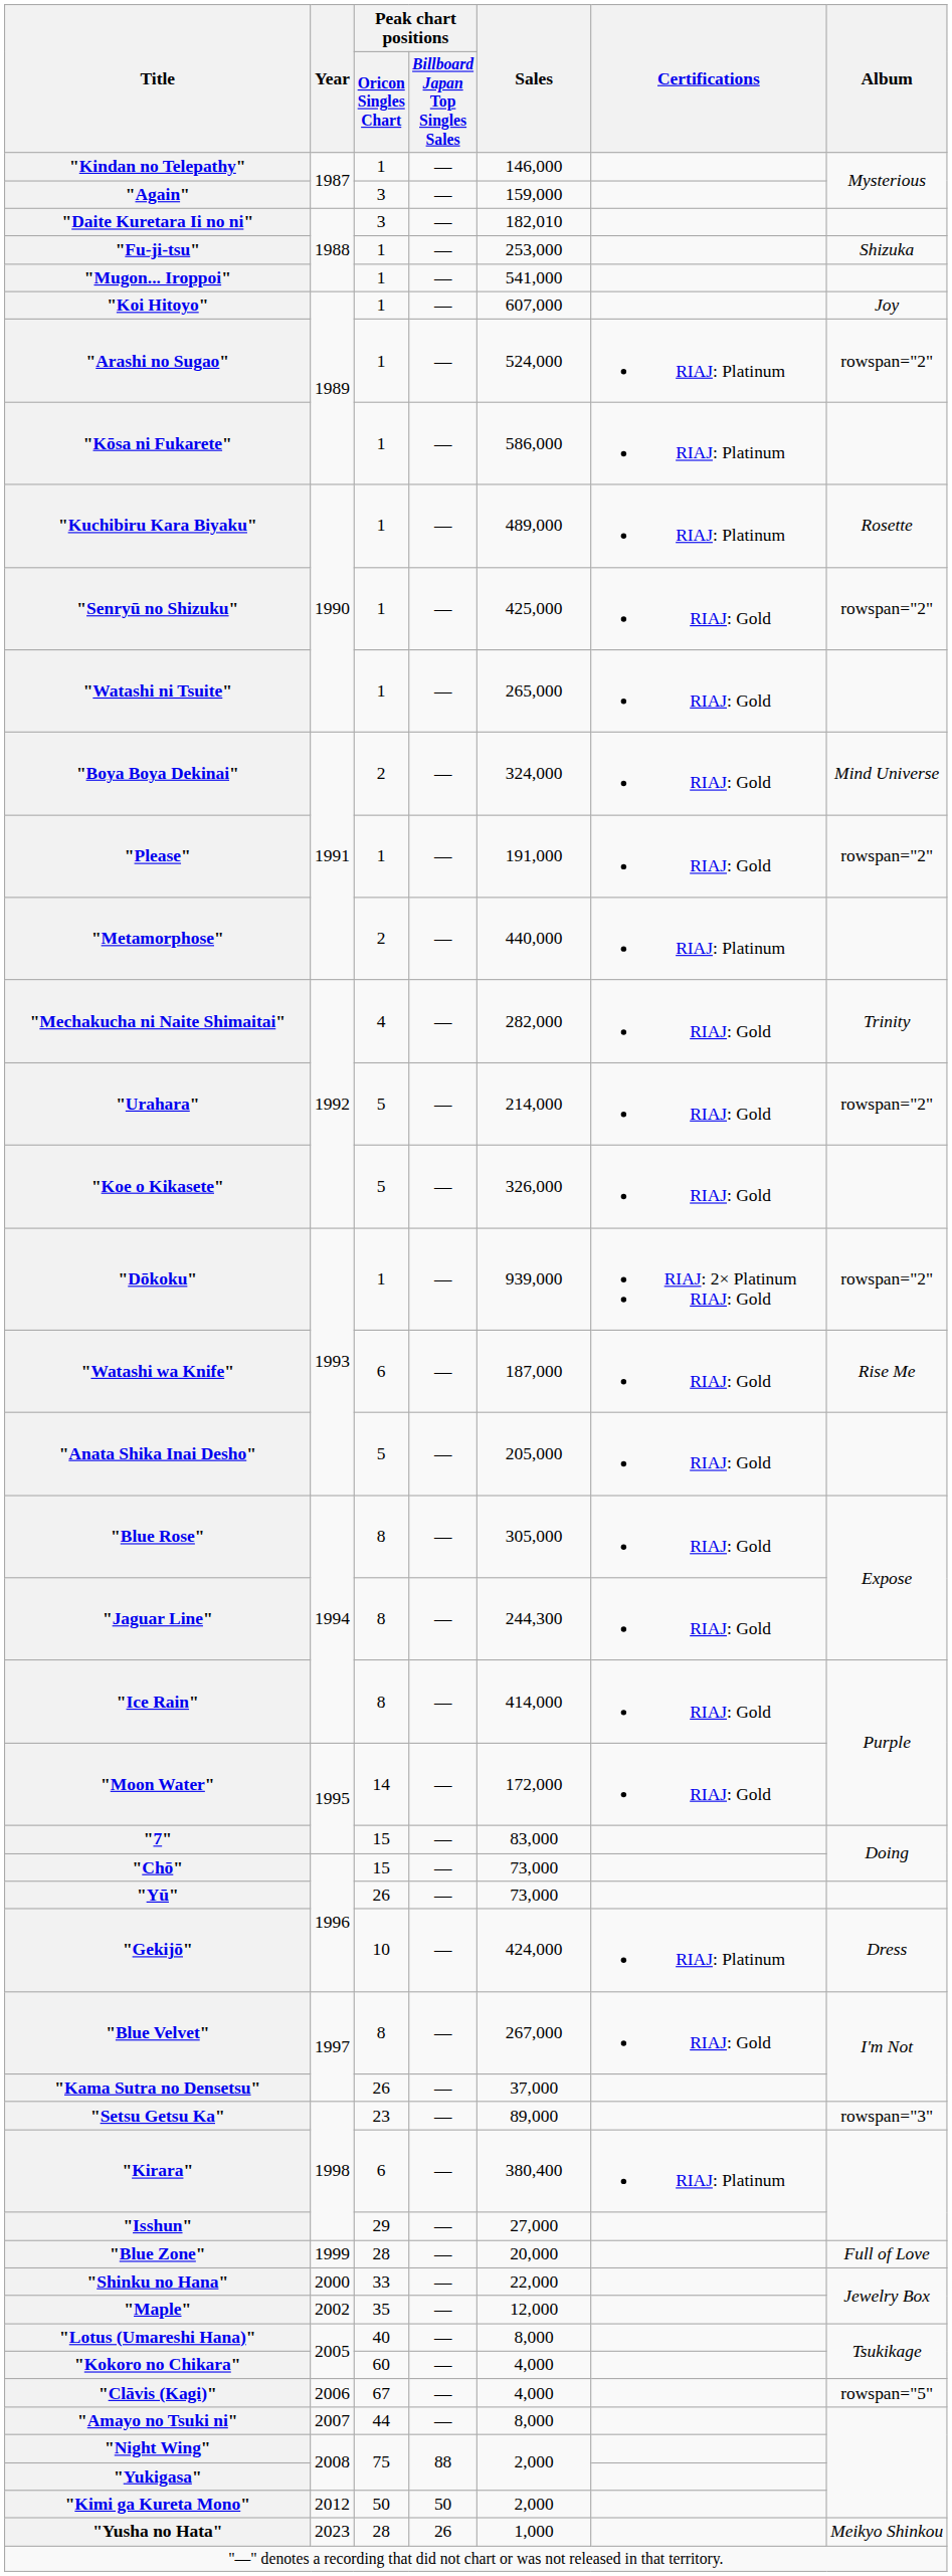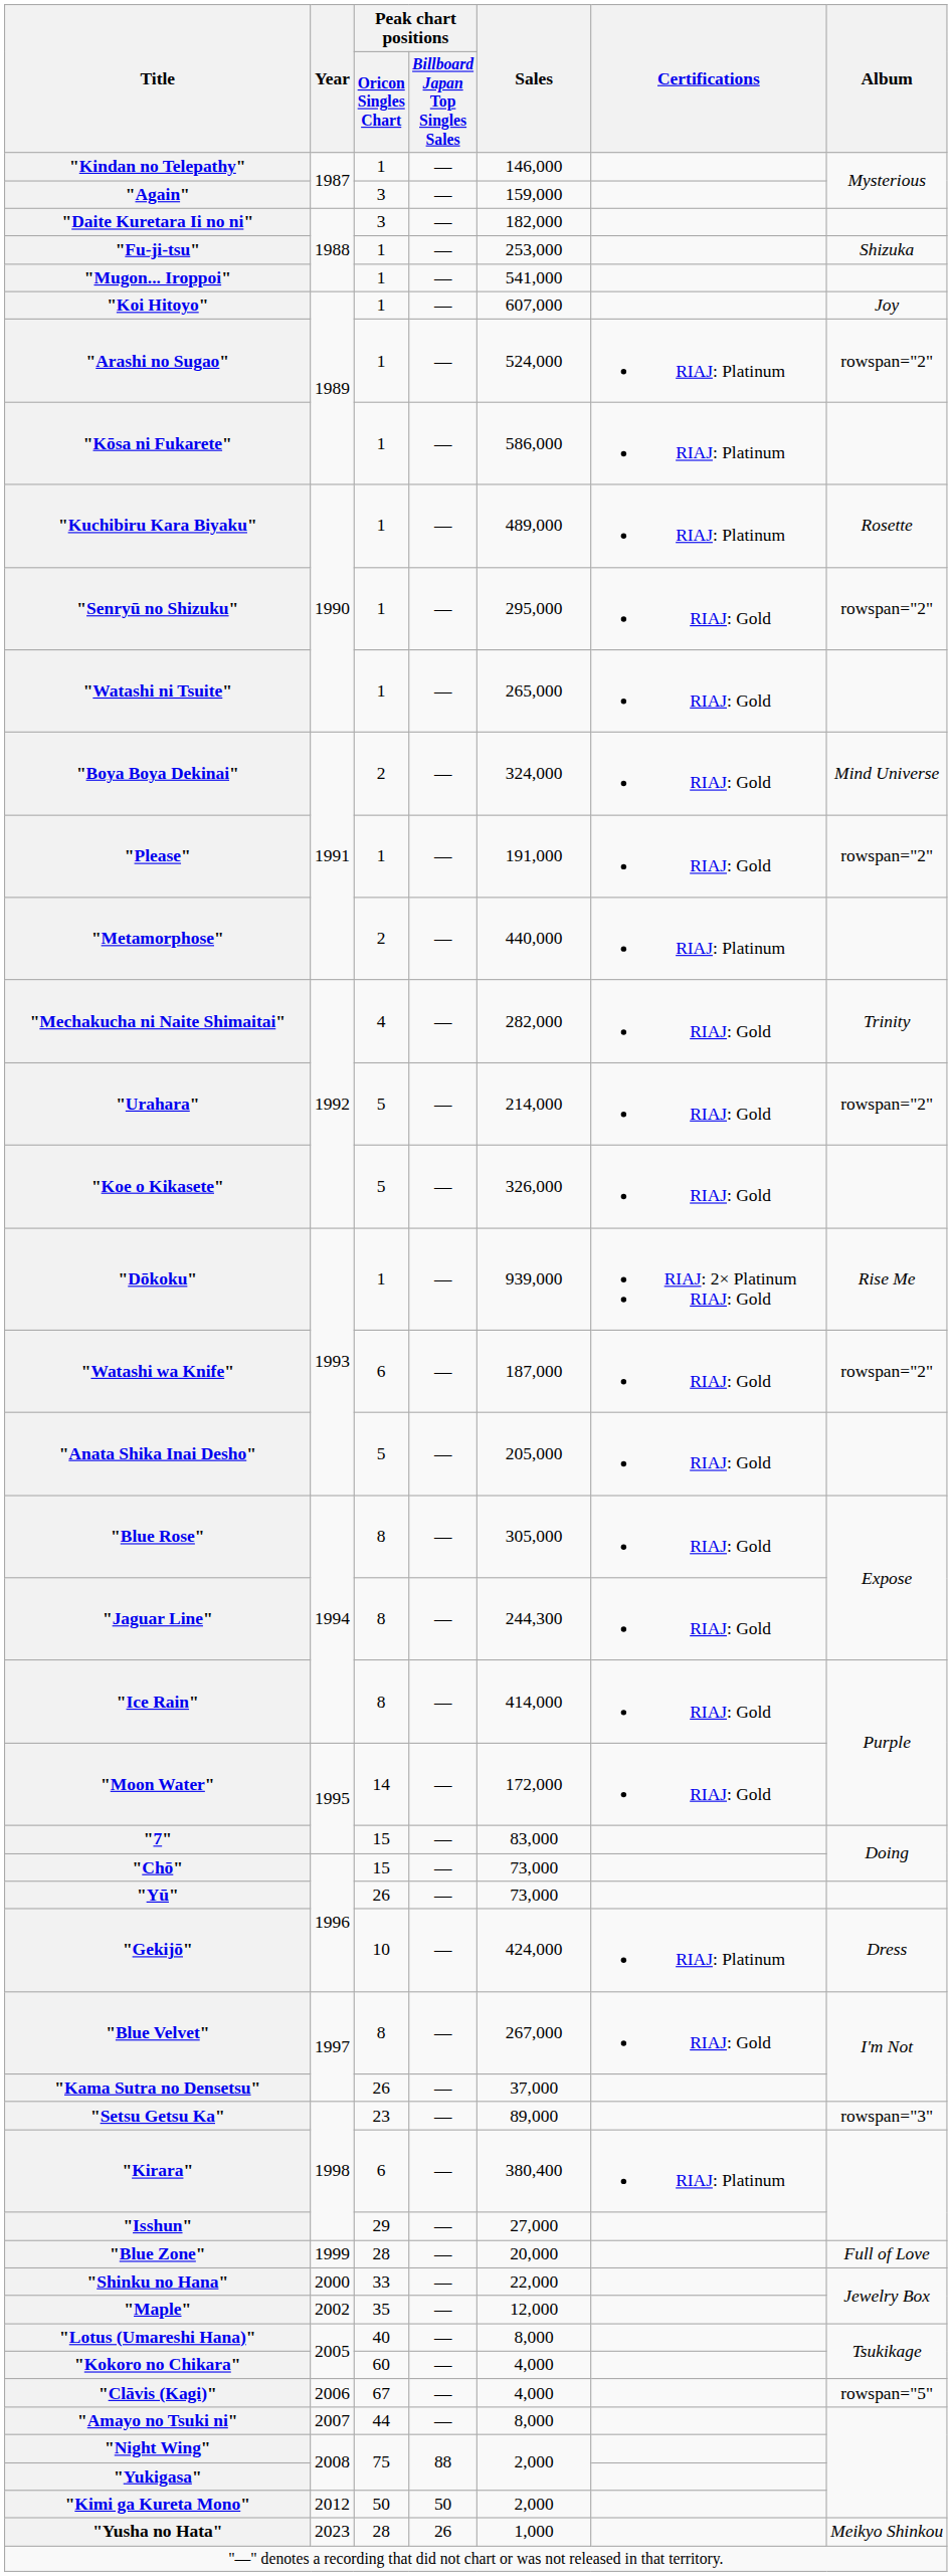 <table class="wikitable plainrowheaders" style="text-align:center;">
 <tr>
 <th scope="col" rowspan="2" style="width:17em;">Title</th>
 <th scope="col" rowspan="2" style="width:1em;">Year</th>
 <th scope="col" colspan="2">Peak chart positions</th>
 <th scope="col" rowspan="2" style="width:6em;">Sales</th>
 <th scope="col" rowspan="2" style="width:13em;"><a href='#'>Certifications</a></th>
 <th scope="col" rowspan="2">Album</th>
 </tr>
 <tr>
 <th scope="col" style="width:2.5em;font-size:90%;"><a href='#'>Oricon Singles Chart</a><br></th>
 <th scope="col" style="width:2.5em;font-size:90%;"><a href='#'><em>Billboard Japan</em> Top Singles Sales</a><br></th>
 </tr>
 <tr>
 <th scope="row">"<a href='#'>Kindan no Telepathy</a>"</th>
 <td rowspan="2">1987</td>
 <td>1</td>
 <td>—</td>
 <td>146,000</td>
 <td></td>
 <td rowspan="2"><em>Mysterious</em></td>
 </tr>
 <tr>
 <th scope="row">"<a href='#'>Again</a>"</th>
 <td>3</td>
 <td>—</td>
 <td>159,000</td>
 <td></td>
 </tr>
 <tr>
 <th scope="row">"<a href='#'>Daite Kuretara Ii no ni</a>"</th>
 <td rowspan="3">1988</td>
 <td>3</td>
 <td>—</td>
-<td>182,010</td>
+<td>182,000</td>
 <td></td>
 <td></td>
 </tr>
 <tr>
 <th scope="row">"<a href='#'>Fu-ji-tsu</a>"</th>
 <td>1</td>
 <td>—</td>
 <td>253,000</td>
 <td></td>
 <td><em>Shizuka</em></td>
 </tr>
 <tr>
 <th scope="row">"<a href='#'>Mugon... Iroppoi</a>"</th>
 <td>1</td>
 <td>—</td>
 <td>541,000</td>
 <td></td>
 <td></td>
 </tr>
 <tr>
 <th scope="row">"<a href='#'>Koi Hitoyo</a>"</th>
 <td rowspan="3">1989</td>
 <td>1</td>
 <td>—</td>
 <td>607,000</td>
 <td></td>
 <td><em>Joy</em></td>
 </tr>
 <tr>
 <th scope="row">"<a href='#'>Arashi no Sugao</a>"</th>
 <td>1</td>
 <td>—</td>
 <td>524,000</td>
 <td><br><ul><li><a href='#'>RIAJ</a>: Platinum</li></ul></td>
 <td>rowspan="2" </td>
 </tr>
 <tr>
 <th scope="row">"<a href='#'>Kōsa ni Fukarete</a>"</th>
 <td>1</td>
 <td>—</td>
 <td>586,000</td>
 <td><br><ul><li><a href='#'>RIAJ</a>: Platinum</li></ul></td>
 </tr>
 <tr>
 <th scope="row">"<a href='#'>Kuchibiru Kara Biyaku</a>"</th>
 <td rowspan="3">1990</td>
 <td>1</td>
 <td>—</td>
 <td>489,000</td>
 <td><br><ul><li><a href='#'>RIAJ</a>: Platinum</li></ul></td>
 <td><em>Rosette</em></td>
 </tr>
 <tr>
 <th scope="row">"<a href='#'>Senryū no Shizuku</a>"</th>
 <td>1</td>
 <td>—</td>
-<td>425,000</td>
+<td>295,000</td>
 <td><br><ul><li><a href='#'>RIAJ</a>: Gold</li></ul></td>
 <td>rowspan="2" </td>
 </tr>
 <tr>
 <th scope="row">"<a href='#'>Watashi ni Tsuite</a>"</th>
 <td>1</td>
 <td>—</td>
 <td>265,000</td>
 <td><br><ul><li><a href='#'>RIAJ</a>: Gold</li></ul></td>
 </tr>
 <tr>
 <th scope="row">"<a href='#'>Boya Boya Dekinai</a>"</th>
 <td rowspan="3">1991</td>
 <td>2</td>
 <td>—</td>
 <td>324,000</td>
 <td><br><ul><li><a href='#'>RIAJ</a>: Gold</li></ul></td>
 <td><em>Mind Universe</em></td>
 </tr>
 <tr>
 <th scope="row">"<a href='#'>Please</a>"</th>
 <td>1</td>
 <td>—</td>
 <td>191,000</td>
 <td><br><ul><li><a href='#'>RIAJ</a>: Gold</li></ul></td>
 <td>rowspan="2" </td>
 </tr>
 <tr>
 <th scope="row">"<a href='#'>Metamorphose</a>"</th>
 <td>2</td>
 <td>—</td>
 <td>440,000</td>
 <td><br><ul><li><a href='#'>RIAJ</a>: Platinum</li></ul></td>
 </tr>
 <tr>
 <th scope="row">"<a href='#'>Mechakucha ni Naite Shimaitai</a>"</th>
 <td rowspan="3">1992</td>
 <td>4</td>
 <td>—</td>
 <td>282,000</td>
 <td><br><ul><li><a href='#'>RIAJ</a>: Gold</li></ul></td>
 <td><em>Trinity</em></td>
 </tr>
 <tr>
 <th scope="row">"<a href='#'>Urahara</a>"</th>
 <td>5</td>
 <td>—</td>
 <td>214,000</td>
 <td><br><ul><li><a href='#'>RIAJ</a>: Gold</li></ul></td>
 <td>rowspan="2" </td>
 </tr>
 <tr>
 <th scope="row">"<a href='#'>Koe o Kikasete</a>"</th>
 <td>5</td>
 <td>—</td>
 <td>326,000</td>
 <td><br><ul><li><a href='#'>RIAJ</a>: Gold</li></ul></td>
 </tr>
 <tr>
 <th scope="row">"<a href='#'>Dōkoku</a>"</th>
 <td rowspan="3">1993</td>
 <td>1</td>
 <td>—</td>
 <td>939,000</td>
 <td><br><ul><li><a href='#'>RIAJ</a>: 2× Platinum</li><li><a href='#'>RIAJ</a>: Gold</li></ul></td>
-<td>rowspan="2" </td>
+<td><em>Rise Me</em></td>
 </tr>
 <tr>
 <th scope="row">"<a href='#'>Watashi wa Knife</a>"</th>
 <td>6</td>
 <td>—</td>
 <td>187,000</td>
 <td><br><ul><li><a href='#'>RIAJ</a>: Gold</li></ul></td>
-<td><em>Rise Me</em></td>
+<td>rowspan="2" </td>
 </tr>
 <tr>
 <th scope="row">"<a href='#'>Anata Shika Inai Desho</a>"</th>
 <td>5</td>
 <td>—</td>
 <td>205,000</td>
 <td><br><ul><li><a href='#'>RIAJ</a>: Gold</li></ul></td>
 </tr>
 <tr>
 <th scope="row">"<a href='#'>Blue Rose</a>"</th>
 <td rowspan="3">1994</td>
 <td>8</td>
 <td>—</td>
 <td>305,000</td>
 <td><br><ul><li><a href='#'>RIAJ</a>: Gold</li></ul></td>
 <td rowspan="2"><em>Expose</em></td>
 </tr>
 <tr>
 <th scope="row">"<a href='#'>Jaguar Line</a>"</th>
 <td>8</td>
 <td>—</td>
 <td>244,300</td>
 <td><br><ul><li><a href='#'>RIAJ</a>: Gold</li></ul></td>
 </tr>
 <tr>
 <th scope="row">"<a href='#'>Ice Rain</a>"</th>
 <td>8</td>
 <td>—</td>
 <td>414,000</td>
 <td><br><ul><li><a href='#'>RIAJ</a>: Gold</li></ul></td>
 <td rowspan="2"><em>Purple</em></td>
 </tr>
 <tr>
 <th scope="row">"<a href='#'>Moon Water</a>"</th>
 <td rowspan="2">1995</td>
 <td>14</td>
 <td>—</td>
 <td>172,000</td>
 <td><br><ul><li><a href='#'>RIAJ</a>: Gold</li></ul></td>
 </tr>
 <tr>
 <th scope="row">"<a href='#'>7</a>"</th>
 <td>15</td>
 <td>—</td>
 <td>83,000</td>
 <td></td>
 <td rowspan="2"><em>Doing</em></td>
 </tr>
 <tr>
 <th scope="row">"<a href='#'>Chō</a>"</th>
 <td rowspan="3">1996</td>
 <td>15</td>
 <td>—</td>
 <td>73,000</td>
 </tr>
 <tr>
 <th scope="row">"<a href='#'>Yū</a>"</th>
 <td>26</td>
 <td>—</td>
 <td>73,000</td>
 <td></td>
 <td></td>
 </tr>
 <tr>
 <th scope="row">"<a href='#'>Gekijō</a>"</th>
 <td>10</td>
 <td>—</td>
 <td>424,000</td>
 <td><br><ul><li><a href='#'>RIAJ</a>: Platinum</li></ul></td>
 <td><em>Dress</em></td>
 </tr>
 <tr>
 <th scope="row">"<a href='#'>Blue Velvet</a>"</th>
 <td rowspan="2">1997</td>
 <td>8</td>
 <td>—</td>
 <td>267,000</td>
 <td><br><ul><li><a href='#'>RIAJ</a>: Gold</li></ul></td>
 <td rowspan="2"><em>I'm Not</em></td>
 </tr>
 <tr>
 <th scope="row">"<a href='#'>Kama Sutra no Densetsu</a>"</th>
 <td>26</td>
 <td>—</td>
 <td>37,000</td>
 <td></td>
 </tr>
 <tr>
 <th scope="row">"<a href='#'>Setsu Getsu Ka</a>"</th>
 <td rowspan="3">1998</td>
 <td>23</td>
 <td>—</td>
 <td>89,000</td>
 <td></td>
 <td>rowspan="3" </td>
 </tr>
 <tr>
 <th scope="row">"<a href='#'>Kirara</a>"</th>
 <td>6</td>
 <td>—</td>
 <td>380,400</td>
 <td><br><ul><li><a href='#'>RIAJ</a>: Platinum</li></ul></td>
 </tr>
 <tr>
 <th scope="row">"<a href='#'>Isshun</a>"</th>
 <td>29</td>
 <td>—</td>
 <td>27,000</td>
 <td></td>
 </tr>
 <tr>
 <th scope="row">"<a href='#'>Blue Zone</a>"</th>
 <td>1999</td>
 <td>28</td>
 <td>—</td>
 <td>20,000</td>
 <td></td>
 <td><em>Full of Love</em></td>
 </tr>
 <tr>
 <th scope="row">"<a href='#'>Shinku no Hana</a>"</th>
 <td>2000</td>
 <td>33</td>
 <td>—</td>
 <td>22,000</td>
 <td></td>
 <td rowspan="2"><em>Jewelry Box</em></td>
 </tr>
 <tr>
 <th scope="row">"<a href='#'>Maple</a>"</th>
 <td>2002</td>
 <td>35</td>
 <td>—</td>
 <td>12,000</td>
 <td></td>
 </tr>
 <tr>
 <th scope="row">"<a href='#'>Lotus (Umareshi Hana)</a>"</th>
 <td rowspan="2">2005</td>
 <td>40</td>
 <td>—</td>
 <td>8,000</td>
 <td></td>
 <td rowspan="2"><em>Tsukikage</em></td>
 </tr>
 <tr>
 <th scope="row">"<a href='#'>Kokoro no Chikara</a>"</th>
 <td>60</td>
 <td>—</td>
 <td>4,000</td>
 <td></td>
 </tr>
 <tr>
 <th scope="row">"<a href='#'>Clāvis (Kagi)</a>"</th>
 <td>2006</td>
 <td>67</td>
 <td>—</td>
 <td>4,000</td>
 <td></td>
 <td>rowspan="5" </td>
 </tr>
 <tr>
 <th scope="row">"<a href='#'>Amayo no Tsuki ni</a>"</th>
 <td>2007</td>
 <td>44</td>
 <td>—</td>
 <td>8,000</td>
 <td></td>
 </tr>
 <tr>
 <th scope="row">"<a href='#'>Night Wing</a>"</th>
 <td rowspan="2">2008</td>
 <td rowspan="2">75</td>
 <td rowspan="2">88</td>
 <td rowspan="2">2,000</td>
 <td></td>
 </tr>
 <tr>
 <th scope="row">"<a href='#'>Yukigasa</a>"</th>
 <td></td>
 </tr>
 <tr>
 <th scope="row">"<a href='#'>Kimi ga Kureta Mono</a>"</th>
 <td>2012</td>
 <td>50</td>
 <td>50</td>
 <td>2,000</td>
 <td></td>
 </tr>
 <tr>
 <th scope="row">"Yusha no Hata"</th>
 <td>2023</td>
 <td>28</td>
 <td>26</td>
 <td>1,000</td>
 <td></td>
 <td><em>Meikyo Shinkou</em></td>
 </tr>
 <tr>
 <td colspan="7" style="font-size:90%">"—" denotes a recording that did not chart or was not released in that territory.</td>
 </tr>
 </table>
